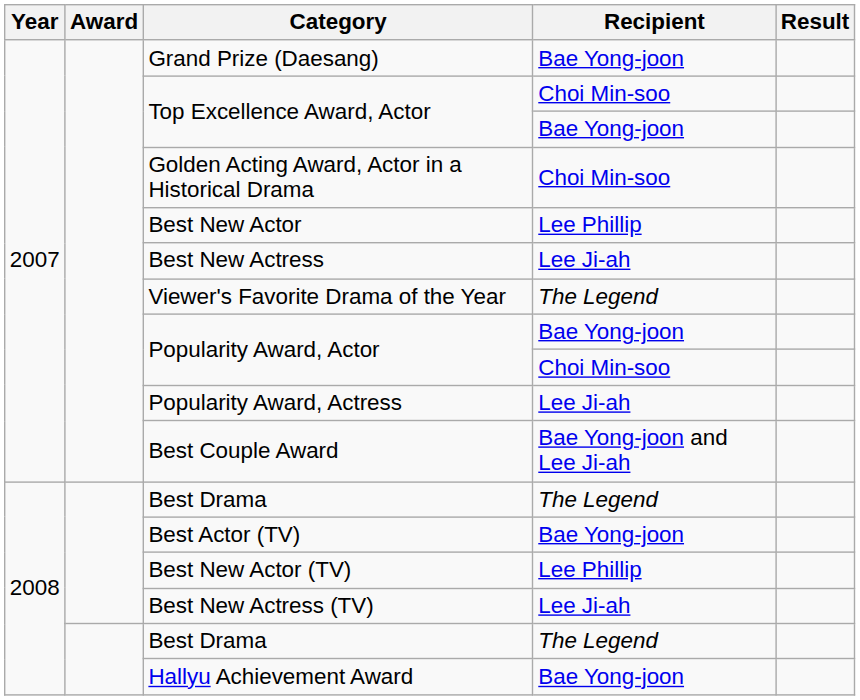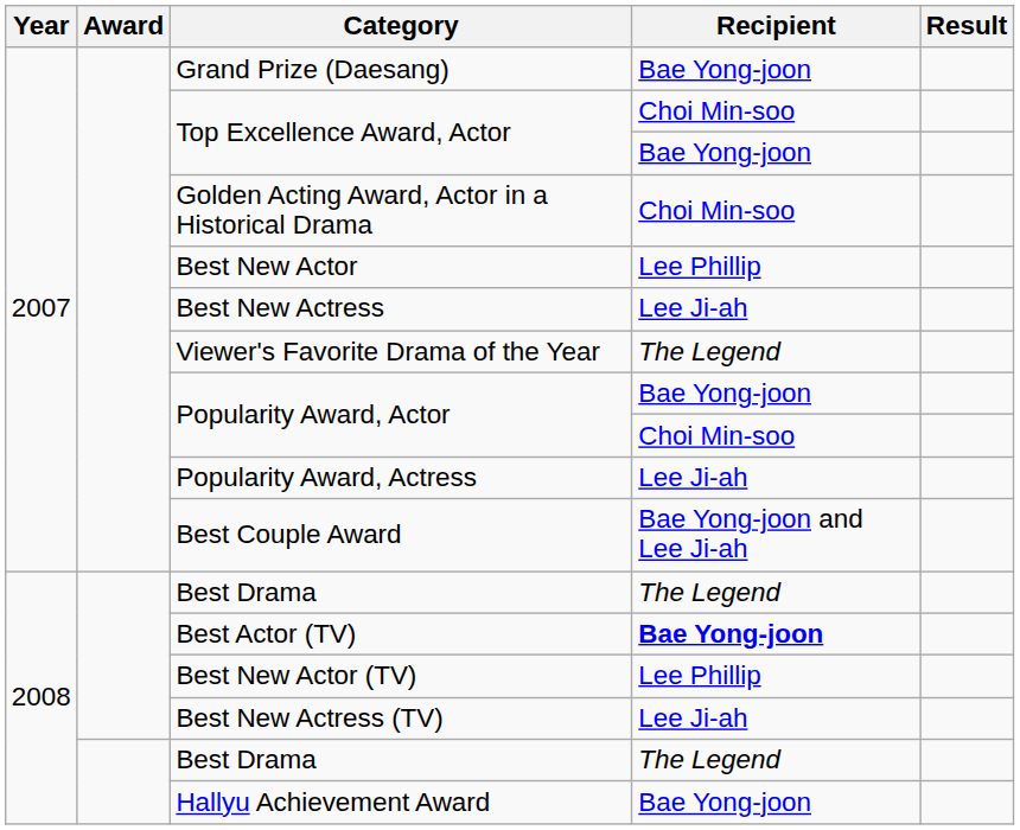 <table class="wikitable">
 <tr>
 <th>Year</th>
 <th>Award</th>
 <th>Category</th>
 <th>Recipient</th>
 <th>Result</th>
 </tr>
 <tr>
 <td rowspan=11>2007</td>
 <td rowspan=11></td>
 <td>Grand Prize (Daesang)</td>
 <td><a href='#'>Bae Yong-joon</a></td>
 <td></td>
 </tr>
 <tr>
 <td rowspan=2>Top Excellence Award, Actor</td>
 <td><a href='#'>Choi Min-soo</a></td>
 <td></td>
 </tr>
 <tr>
 <td><a href='#'>Bae Yong-joon</a></td>
 <td></td>
 </tr>
 <tr>
 <td>Golden Acting Award, Actor in a Historical Drama</td>
 <td><a href='#'>Choi Min-soo</a></td>
 <td></td>
 </tr>
 <tr>
 <td>Best New Actor</td>
 <td><a href='#'>Lee Phillip</a></td>
 <td></td>
 </tr>
 <tr>
 <td>Best New Actress</td>
 <td><a href='#'>Lee Ji-ah</a></td>
 <td></td>
 </tr>
 <tr>
 <td>Viewer's Favorite Drama of the Year</td>
 <td><em>The Legend</em></td>
 <td></td>
 </tr>
 <tr>
 <td rowspan=2>Popularity Award, Actor</td>
 <td><a href='#'>Bae Yong-joon</a></td>
 <td></td>
 </tr>
 <tr>
 <td><a href='#'>Choi Min-soo</a></td>
 <td></td>
 </tr>
 <tr>
 <td>Popularity Award, Actress</td>
 <td><a href='#'>Lee Ji-ah</a></td>
 <td></td>
 </tr>
 <tr>
 <td>Best Couple Award</td>
 <td><a href='#'>Bae Yong-joon</a> and <a href='#'>Lee Ji-ah</a></td>
 <td></td>
 </tr>
 <tr>
 <td rowspan=6>2008</td>
 <td rowspan=4></td>
 <td>Best Drama</td>
 <td><em>The Legend</em></td>
 <td></td>
 </tr>
 <tr>
 <td>Best Actor (TV)</td>
-<td><a href='#'>Bae Yong-joon</a></td>
+<td><strong><a href='#'>Bae Yong-joon</a></strong></td>
 <td></td>
 </tr>
 <tr>
 <td>Best New Actor (TV)</td>
 <td><a href='#'>Lee Phillip</a></td>
 <td></td>
 </tr>
 <tr>
 <td>Best New Actress (TV)</td>
 <td><a href='#'>Lee Ji-ah</a></td>
 <td></td>
 </tr>
 <tr>
 <td rowspan=2></td>
 <td>Best Drama</td>
 <td><em>The Legend</em></td>
 <td></td>
 </tr>
 <tr>
 <td><a href='#'>Hallyu</a> Achievement Award</td>
 <td><a href='#'>Bae Yong-joon</a></td>
 <td></td>
 </tr>
 </table>
